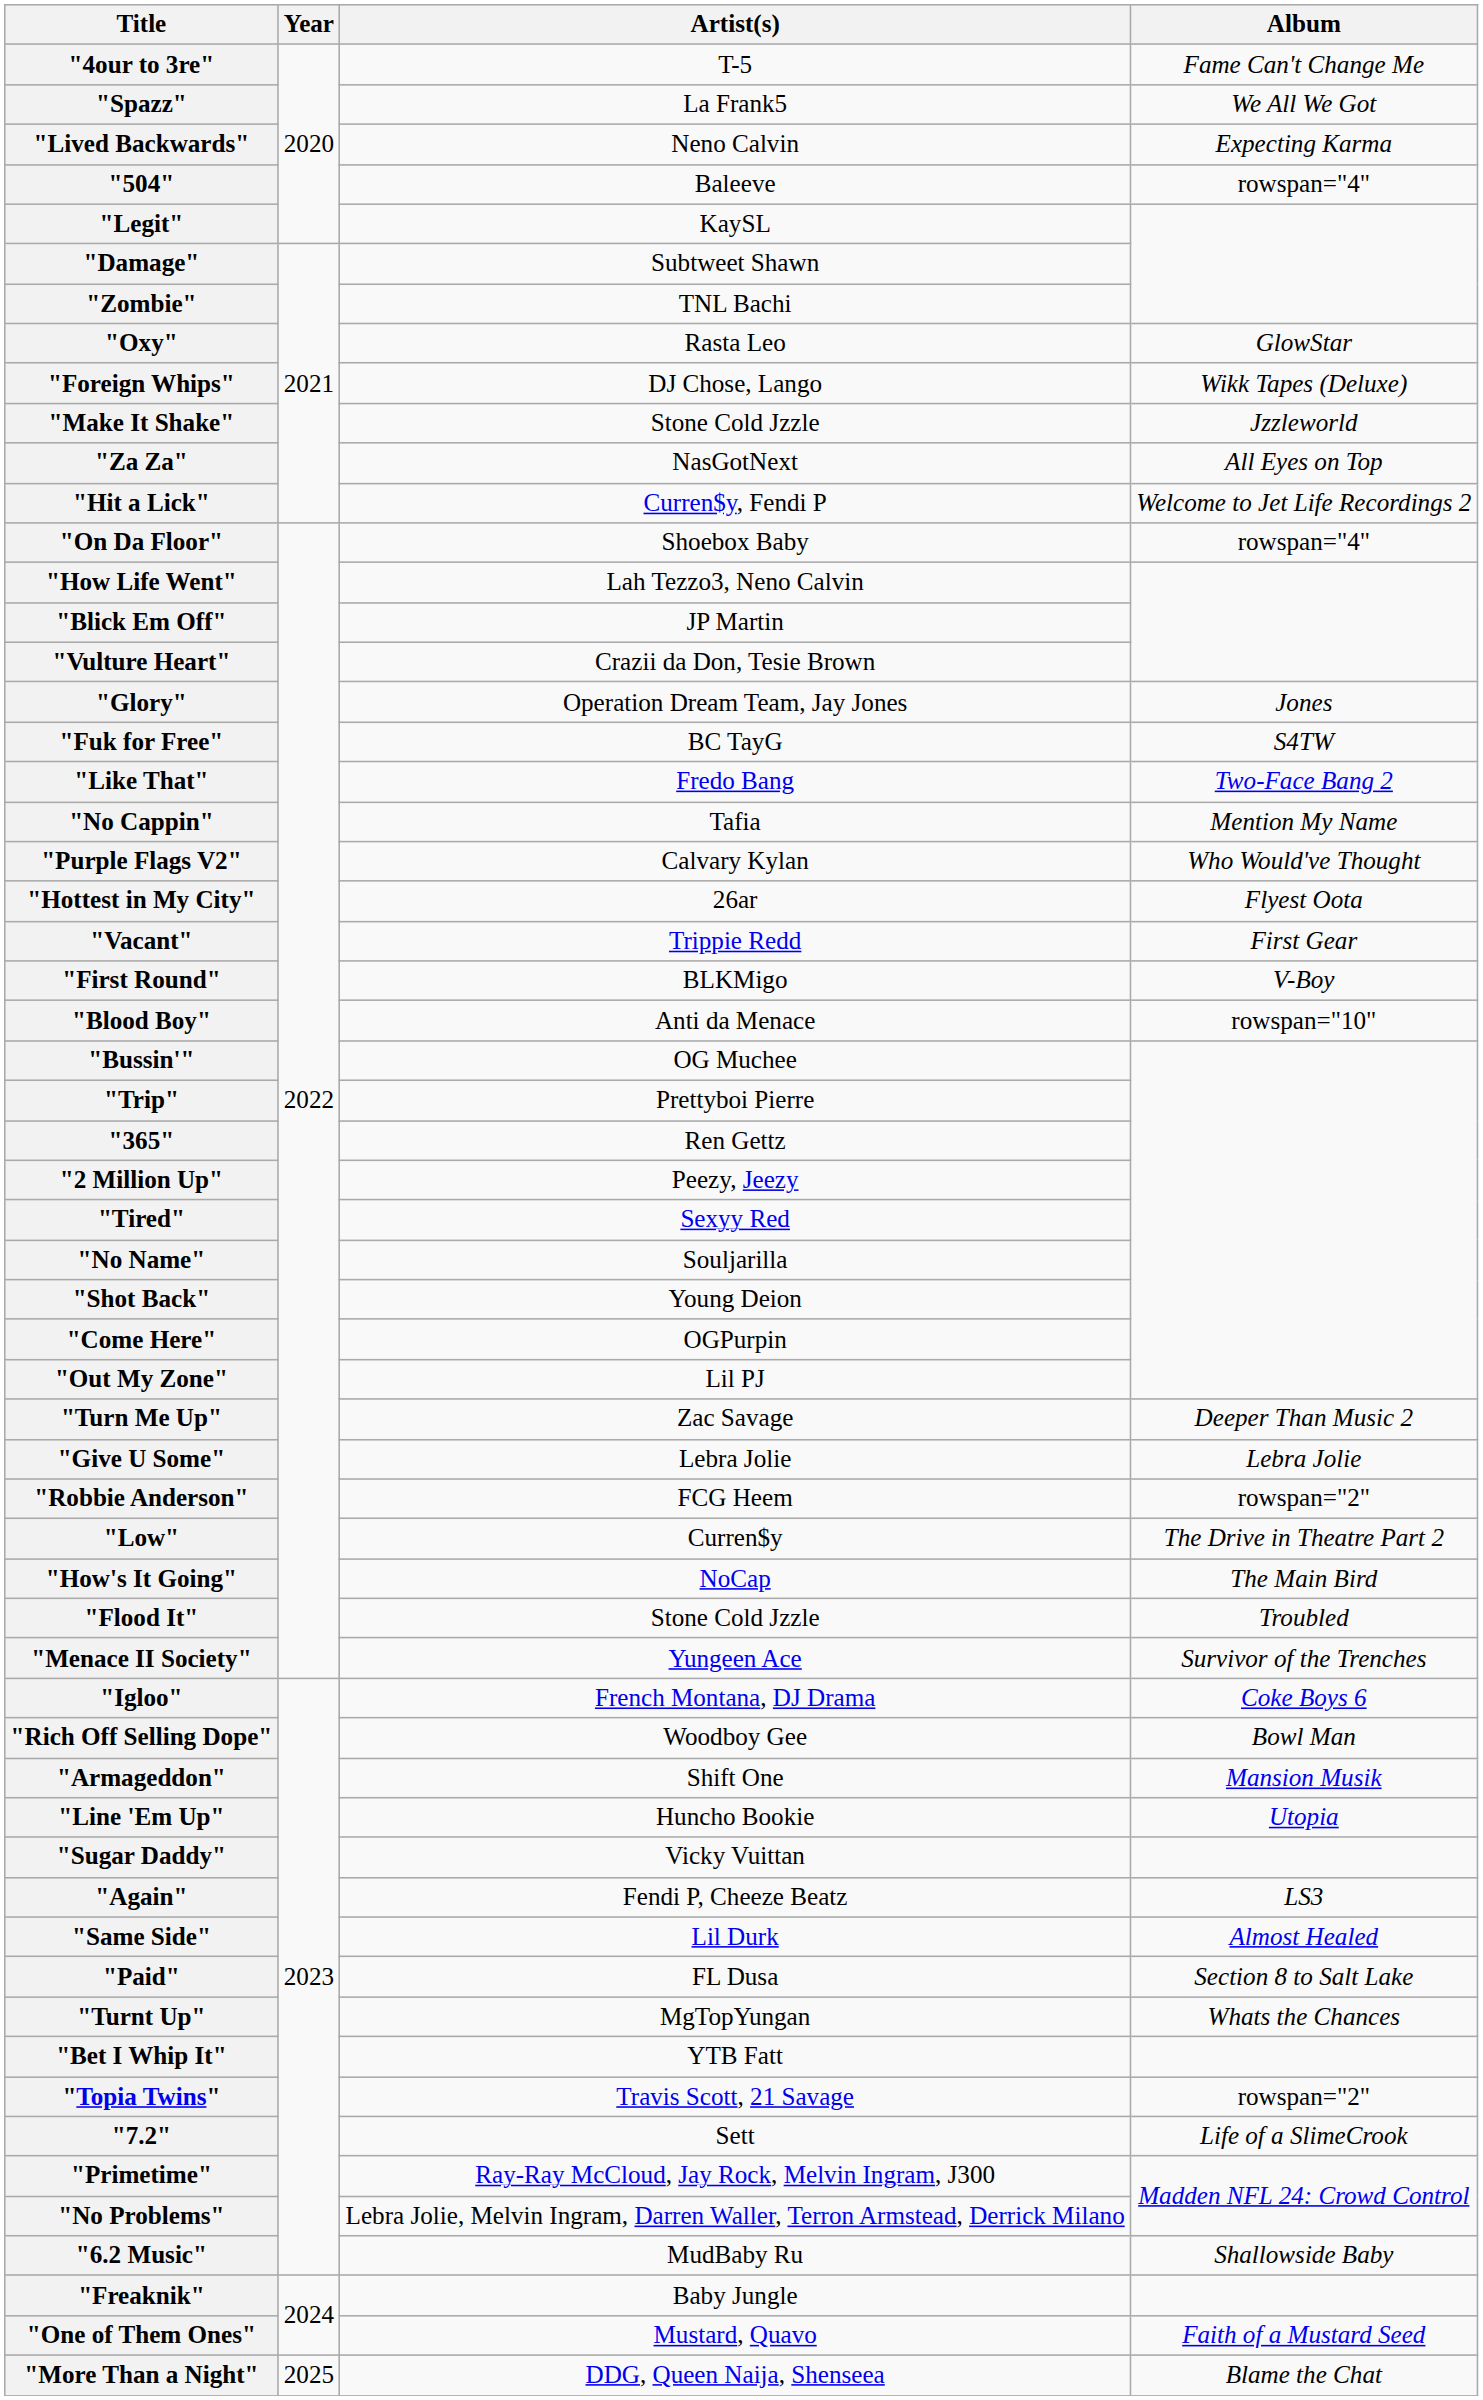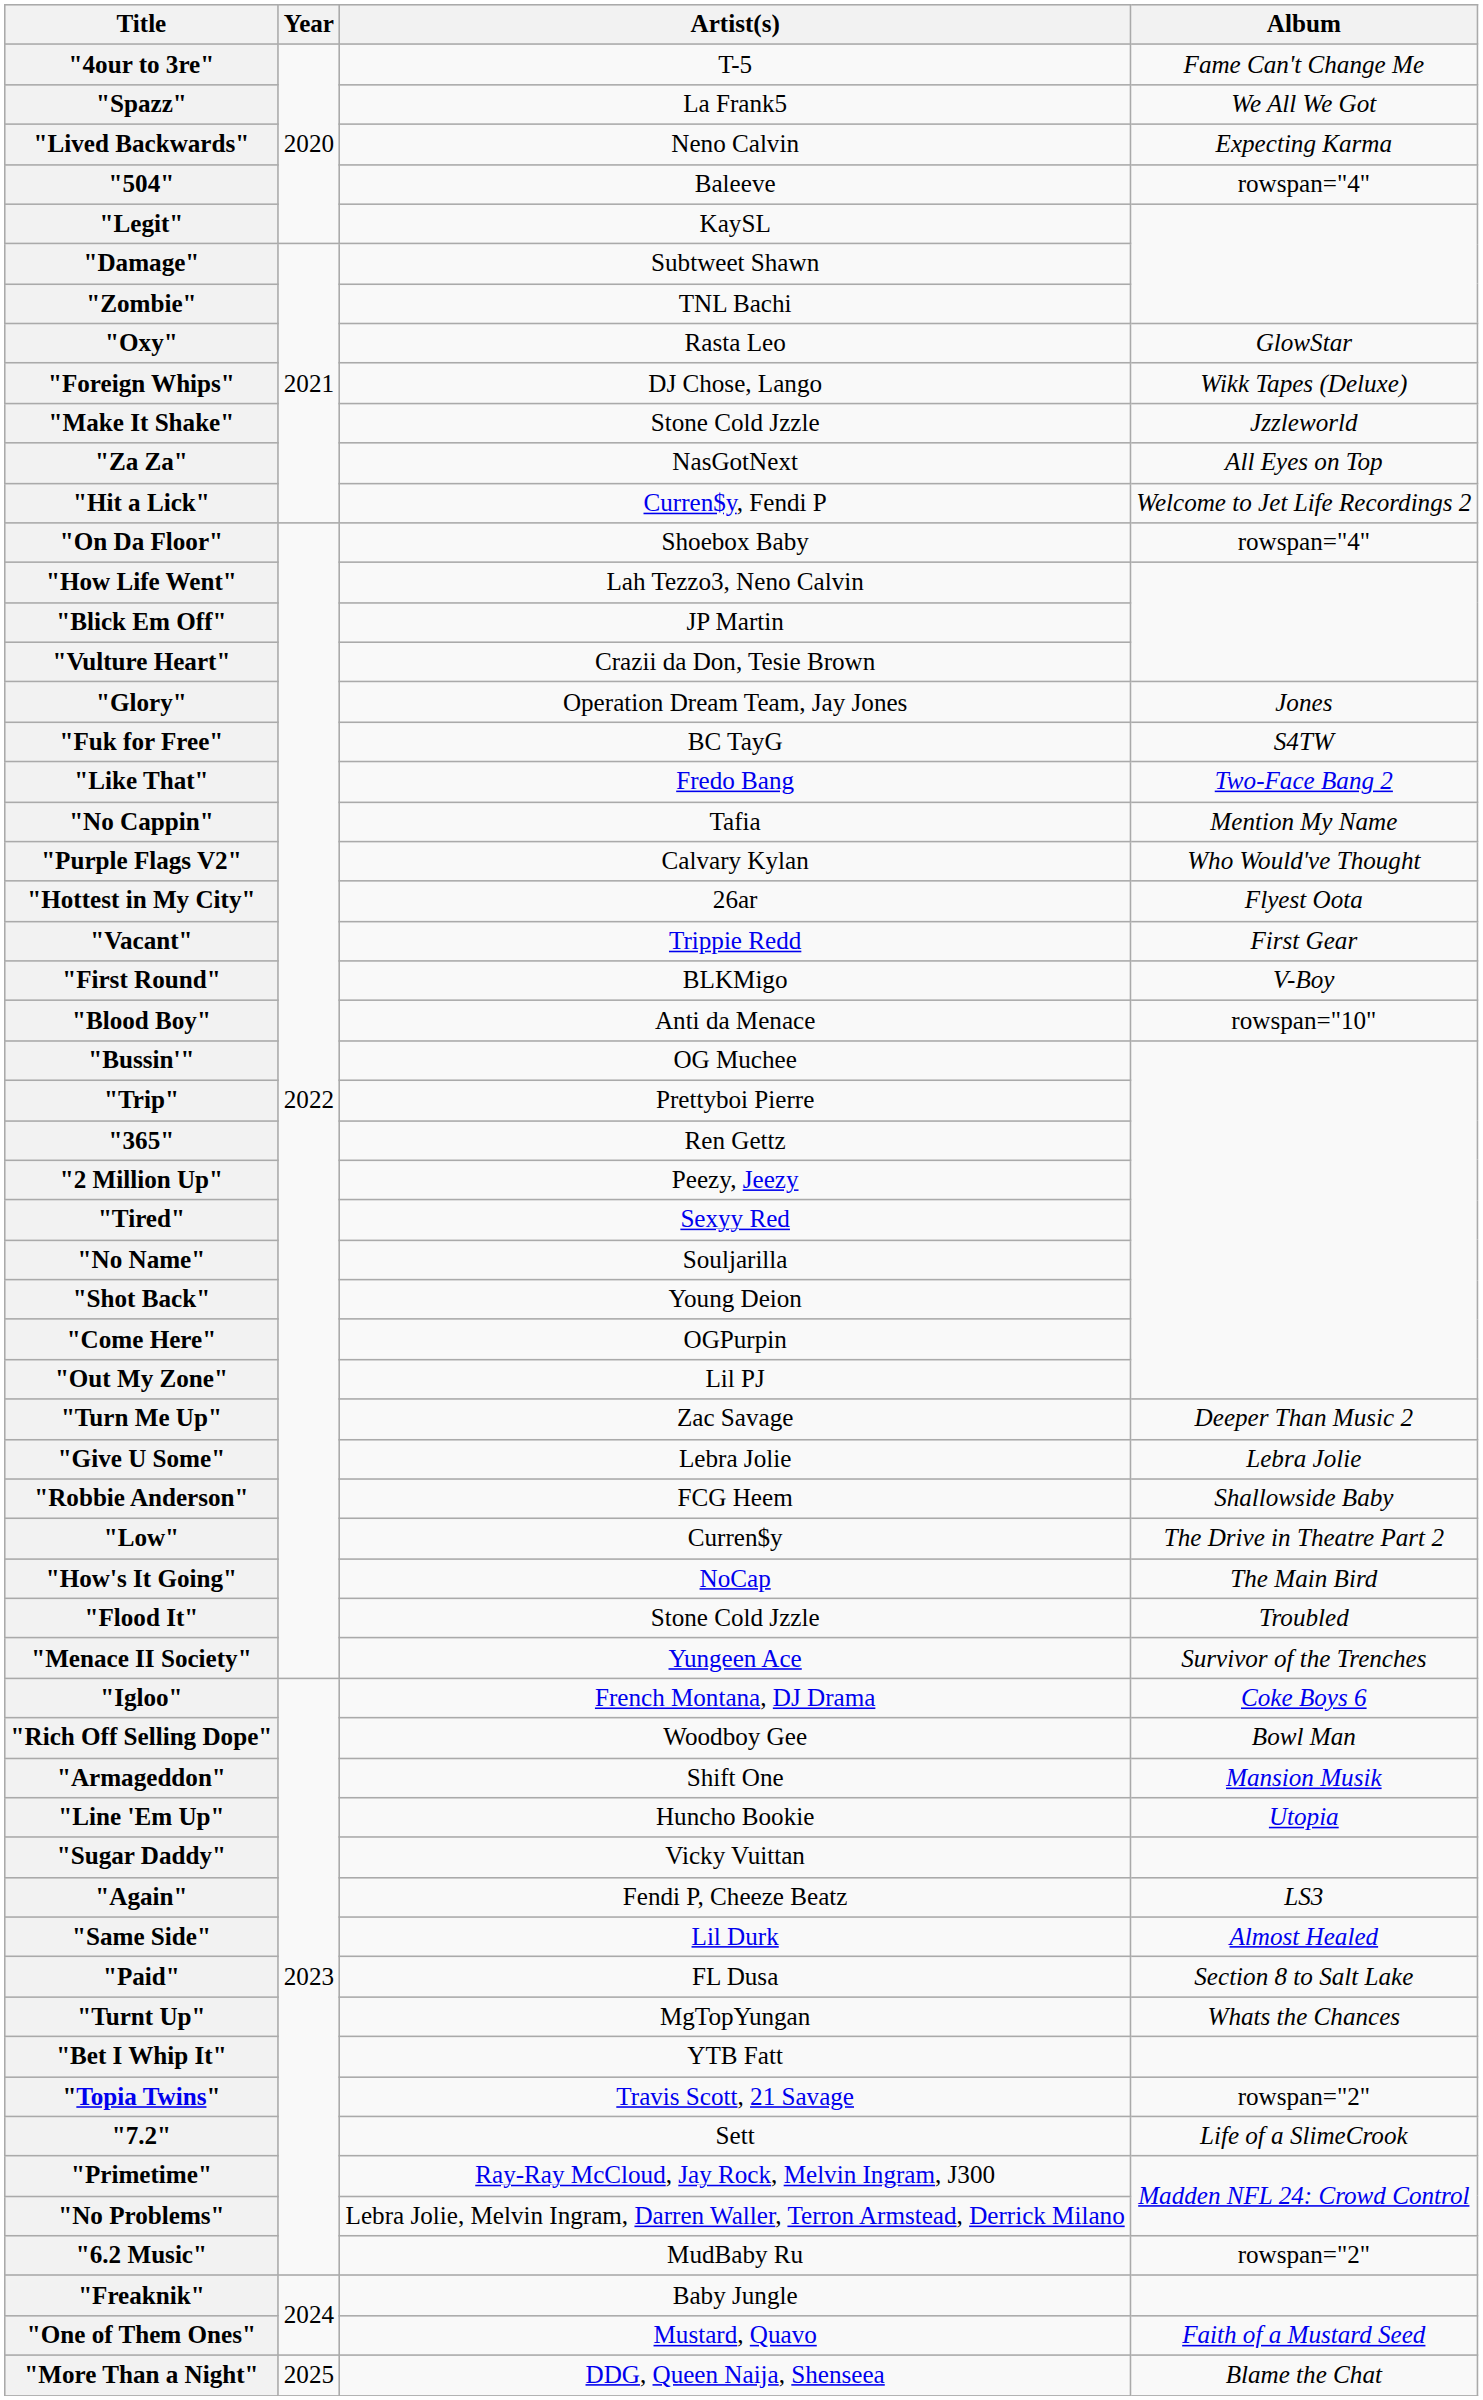 <table class="wikitable plainrowheaders" style="text-align:center;">
 <tr>
 <th scope="col">Title</th>
 <th scope="col">Year</th>
 <th scope="col">Artist(s)</th>
 <th scope="col">Album</th>
 </tr>
 <tr>
 <th scope="row">"4our to 3re"</th>
 <td rowspan="5">2020</td>
 <td>T-5</td>
 <td><em>Fame Can't Change Me</em></td>
 </tr>
 <tr>
 <th scope="row">"Spazz"</th>
 <td>La Frank5</td>
 <td><em>We All We Got</em></td>
 </tr>
 <tr>
 <th scope="row">"Lived Backwards"</th>
 <td>Neno Calvin</td>
 <td><em>Expecting Karma</em></td>
 </tr>
 <tr>
 <th scope="row">"504"</th>
 <td>Baleeve</td>
 <td>rowspan="4" </td>
 </tr>
 <tr>
 <th scope="row">"Legit"</th>
 <td>KaySL</td>
 </tr>
 <tr>
 <th scope="row">"Damage"</th>
 <td rowspan="7">2021</td>
 <td>Subtweet Shawn</td>
 </tr>
 <tr>
 <th scope="row">"Zombie"</th>
 <td>TNL Bachi</td>
 </tr>
 <tr>
 <th scope="row">"Oxy"</th>
 <td>Rasta Leo</td>
 <td><em>GlowStar</em></td>
 </tr>
 <tr>
 <th scope="row">"Foreign Whips"</th>
 <td>DJ Chose, Lango</td>
 <td><em>Wikk Tapes (Deluxe)</em></td>
 </tr>
 <tr>
 <th scope="row">"Make It Shake"</th>
 <td>Stone Cold Jzzle</td>
 <td><em>Jzzleworld</em></td>
 </tr>
 <tr>
 <th scope="row">"Za Za"</th>
 <td>NasGotNext</td>
 <td><em>All Eyes on Top</em></td>
 </tr>
 <tr>
 <th scope="row">"Hit a Lick"</th>
 <td><a href='#'>Curren$y</a>, Fendi P</td>
 <td><em>Welcome to Jet Life Recordings 2</em></td>
 </tr>
 <tr>
 <th scope="row">"On Da Floor"</th>
 <td rowspan="29">2022</td>
 <td>Shoebox Baby</td>
 <td>rowspan="4" </td>
 </tr>
 <tr>
 <th scope="row">"How Life Went"</th>
 <td>Lah Tezzo3, Neno Calvin</td>
 </tr>
 <tr>
 <th scope="row">"Blick Em Off"</th>
 <td>JP Martin</td>
 </tr>
 <tr>
 <th scope="row">"Vulture Heart"</th>
 <td>Crazii da Don, Tesie Brown</td>
 </tr>
 <tr>
 <th scope="row">"Glory"</th>
 <td>Operation Dream Team, Jay Jones</td>
 <td><em>Jones</em></td>
 </tr>
 <tr>
 <th scope="row">"Fuk for Free"</th>
 <td>BC TayG</td>
 <td><em>S4TW</em></td>
 </tr>
 <tr>
 <th scope="row">"Like That"</th>
 <td><a href='#'>Fredo Bang</a></td>
 <td><em><a href='#'>Two-Face Bang 2</a></em></td>
 </tr>
 <tr>
 <th scope="row">"No Cappin"</th>
 <td>Tafia</td>
 <td><em>Mention My Name</em></td>
 </tr>
 <tr>
 <th scope="row">"Purple Flags V2"</th>
 <td>Calvary Kylan</td>
 <td><em>Who Would've Thought</em></td>
 </tr>
 <tr>
 <th scope="row">"Hottest in My City"</th>
 <td>26ar</td>
 <td><em>Flyest Oota</em></td>
 </tr>
 <tr>
 <th scope="row">"Vacant"</th>
 <td><a href='#'>Trippie Redd</a></td>
 <td><em>First Gear</em></td>
 </tr>
 <tr>
 <th scope="row">"First Round"</th>
 <td>BLKMigo</td>
 <td><em>V-Boy</em></td>
 </tr>
 <tr>
 <th scope="row">"Blood Boy"</th>
 <td>Anti da Menace</td>
 <td>rowspan="10" </td>
 </tr>
 <tr>
 <th scope="row">"Bussin'"</th>
 <td>OG Muchee</td>
 </tr>
 <tr>
 <th scope="row">"Trip"</th>
 <td>Prettyboi Pierre</td>
 </tr>
 <tr>
 <th scope="row">"365"</th>
 <td>Ren Gettz</td>
 </tr>
 <tr>
 <th scope="row">"2 Million Up"</th>
 <td>Peezy, <a href='#'>Jeezy</a></td>
 </tr>
 <tr>
 <th scope="row">"Tired"</th>
 <td><a href='#'>Sexyy Red</a></td>
 </tr>
 <tr>
 <th scope="row">"No Name"</th>
 <td>Souljarilla</td>
 </tr>
 <tr>
 <th scope="row">"Shot Back"</th>
 <td>Young Deion</td>
 </tr>
 <tr>
 <th scope="row">"Come Here"</th>
 <td>OGPurpin</td>
 </tr>
 <tr>
 <th scope="row">"Out My Zone"</th>
 <td>Lil PJ</td>
 </tr>
 <tr>
 <th scope="row">"Turn Me Up"</th>
 <td>Zac Savage</td>
 <td><em>Deeper Than Music 2</em></td>
 </tr>
 <tr>
 <th scope="row">"Give U Some"</th>
 <td>Lebra Jolie</td>
 <td><em>Lebra Jolie</em></td>
 </tr>
 <tr>
 <th scope="row">"Robbie Anderson"</th>
 <td>FCG Heem</td>
-<td>rowspan="2" </td>
+<td><em>Shallowside Baby</em></td>
 </tr>
 <tr>
 <th scope="row">"Low"</th>
 <td>Curren$y</td>
 <td><em>The Drive in Theatre Part 2</em></td>
 </tr>
 <tr>
 <th scope="row">"How's It Going"</th>
 <td><a href='#'>NoCap</a></td>
 <td><em>The Main Bird</em></td>
 </tr>
 <tr>
 <th scope="row">"Flood It"</th>
 <td>Stone Cold Jzzle</td>
 <td><em>Troubled</em></td>
 </tr>
 <tr>
 <th scope="row">"Menace II Society"</th>
 <td><a href='#'>Yungeen Ace</a></td>
 <td><em>Survivor of the Trenches</em></td>
 </tr>
 <tr>
 <th scope="row">"Igloo"</th>
 <td rowspan="15">2023</td>
 <td><a href='#'>French Montana</a>, <a href='#'>DJ Drama</a></td>
 <td><em><a href='#'>Coke Boys 6</a></em></td>
 </tr>
 <tr>
 <th scope="row">"Rich Off Selling Dope"</th>
 <td>Woodboy Gee</td>
 <td><em>Bowl Man</em></td>
 </tr>
 <tr>
 <th scope="row">"Armageddon"</th>
 <td>Shift One</td>
 <td><em><a href='#'>Mansion Musik</a></em></td>
 </tr>
 <tr>
 <th scope="row">"Line 'Em Up"</th>
 <td>Huncho Bookie</td>
 <td><em><a href='#'>Utopia</a></em></td>
 </tr>
 <tr>
 <th scope="row">"Sugar Daddy"</th>
 <td>Vicky Vuittan</td>
 </tr>
 <tr>
 <th scope="row">"Again"</th>
 <td>Fendi P, Cheeze Beatz</td>
 <td><em>LS3</em></td>
 </tr>
 <tr>
 <th scope="row">"Same Side"</th>
 <td><a href='#'>Lil Durk</a></td>
 <td><em><a href='#'>Almost Healed</a></em></td>
 </tr>
 <tr>
 <th scope="row">"Paid"</th>
 <td>FL Dusa</td>
 <td><em>Section 8 to Salt Lake</em></td>
 </tr>
 <tr>
 <th scope="row">"Turnt Up"</th>
 <td>MgTopYungan</td>
 <td><em>Whats the Chances</em></td>
 </tr>
 <tr>
 <th scope="row">"Bet I Whip It"</th>
 <td>YTB Fatt</td>
 <td></td>
 </tr>
 <tr>
 <th scope="row">"<a href='#'>Topia Twins</a>"</th>
 <td><a href='#'>Travis Scott</a>, <a href='#'>21 Savage</a></td>
 <td>rowspan="2" </td>
 </tr>
 <tr>
 <th scope="row">"7.2"</th>
 <td>Sett</td>
 <td><em>Life of a SlimeCrook</em></td>
 </tr>
 <tr>
 <th scope="row">"Primetime"</th>
 <td><a href='#'>Ray-Ray McCloud</a>, <a href='#'>Jay Rock</a>, <a href='#'>Melvin Ingram</a>, J300</td>
 <td rowspan="2"><em><a href='#'>Madden NFL 24: Crowd Control</a></em></td>
 </tr>
 <tr>
 <th scope="row">"No Problems"</th>
 <td>Lebra Jolie, Melvin Ingram, <a href='#'>Darren Waller</a>, <a href='#'>Terron Armstead</a>, <a href='#'>Derrick Milano</a></td>
 </tr>
 <tr>
 <th scope="row">"6.2 Music"</th>
 <td>MudBaby Ru</td>
-<td><em>Shallowside Baby</em></td>
+<td>rowspan="2" </td>
 </tr>
 <tr>
 <th scope="row">"Freaknik"</th>
 <td rowspan="2">2024</td>
 <td>Baby Jungle</td>
 </tr>
 <tr>
 <th scope="row">"One of Them Ones"</th>
 <td><a href='#'>Mustard</a>, <a href='#'>Quavo</a></td>
 <td><em><a href='#'>Faith of a Mustard Seed</a></em></td>
 </tr>
 <tr>
 <th scope="row">"More Than a Night"</th>
 <td>2025</td>
 <td><a href='#'>DDG</a>, <a href='#'>Queen Naija</a>, <a href='#'>Shenseea</a></td>
 <td><em>Blame the Chat</em></td>
 </tr>
 </table>
